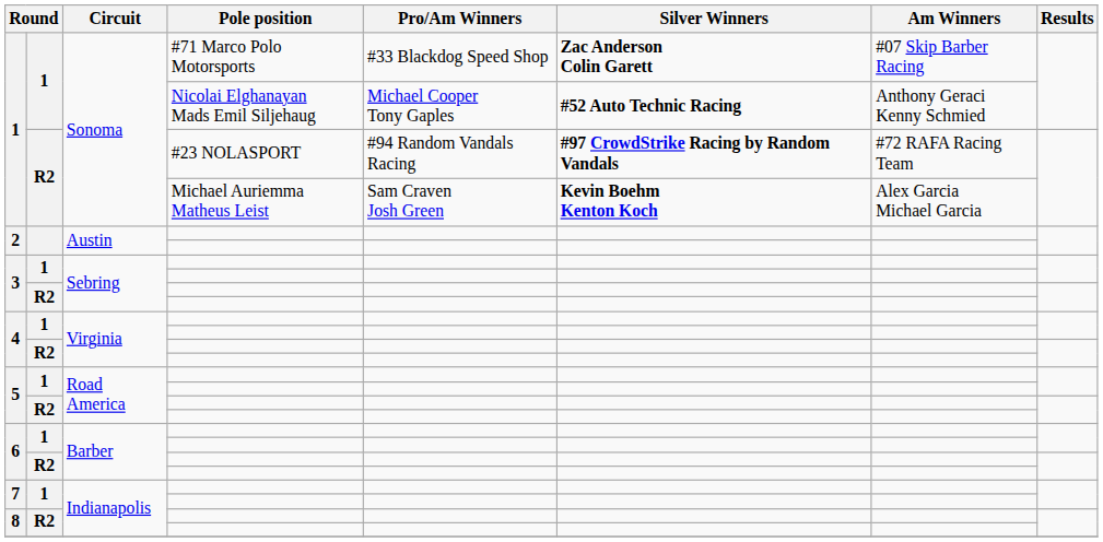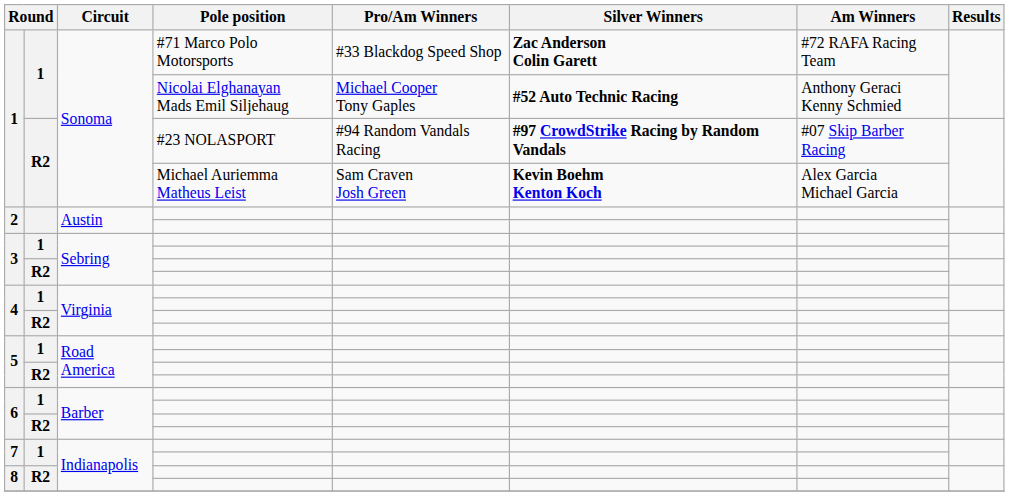 <table class="wikitable" style="font-size:85%;">
 <tr>
 <th colspan="2">Round</th>
 <th>Circuit</th>
 <th>Pole position</th>
 <th>Pro/Am Winners</th>
 <th>Silver Winners</th>
 <th>Am Winners</th>
 <th>Results</th>
 </tr>
 <tr>
 <th rowspan="4">1</th>
 <th rowspan="2">1</th>
 <td rowspan="4"> <a href='#'>Sonoma</a></td>
 <td> #71 Marco Polo Motorsports</td>
 <td> #33 Blackdog Speed Shop</td>
 <td><strong> Zac Anderson<br> Colin Garett</strong></td>
-<td> #07 <a href='#'>Skip Barber Racing</a></td>
+<td> #72 RAFA Racing Team</td>
 <td rowspan="2" align="center"></td>
 </tr>
 <tr>
 <td> <a href='#'>Nicolai Elghanayan</a><br> Mads Emil Siljehaug</td>
 <td> <a href='#'>Michael Cooper</a><br> Tony Gaples</td>
 <td><strong> #52 Auto Technic Racing</strong></td>
 <td> Anthony Geraci<br> Kenny Schmied</td>
 </tr>
 <tr>
 <th rowspan="2">R2</th>
 <td> #23 NOLASPORT</td>
 <td> #94 Random Vandals Racing</td>
 <td><strong> #97 <a href='#'>CrowdStrike</a> Racing by Random Vandals</strong></td>
-<td> #72 RAFA Racing Team</td>
+<td> #07 <a href='#'>Skip Barber Racing</a></td>
 <td rowspan="2" align="center"></td>
 </tr>
 <tr>
 <td> Michael Auriemma<br> <a href='#'>Matheus Leist</a></td>
 <td> Sam Craven<br> <a href='#'>Josh Green</a></td>
 <td><strong> Kevin Boehm<br> <a href='#'>Kenton Koch</a></strong></td>
 <td> Alex Garcia<br> Michael Garcia</td>
 </tr>
 <tr>
 <th rowspan="2">2</th>
 <th rowspan="2"></th>
 <td rowspan="2"> <a href='#'>Austin</a></td>
 <td></td>
 <td></td>
 <td></td>
 <td></td>
 <td rowspan="2" align="center"></td>
 </tr>
 <tr>
 <td></td>
 <td></td>
 <td></td>
 <td></td>
 </tr>
 <tr>
 <th rowspan="4">3</th>
 <th rowspan="2">1</th>
 <td rowspan="4"> <a href='#'>Sebring</a></td>
 <td></td>
 <td></td>
 <td></td>
 <td></td>
 <td rowspan="2" align="center"></td>
 </tr>
 <tr>
 <td></td>
 <td></td>
 <td></td>
 <td></td>
 </tr>
 <tr>
 <th rowspan="2">R2</th>
 <td></td>
 <td></td>
 <td></td>
 <td></td>
 <td rowspan="2" align="center"></td>
 </tr>
 <tr>
 <td></td>
 <td></td>
 <td></td>
 <td></td>
 </tr>
 <tr>
 <th rowspan="4">4</th>
 <th rowspan="2">1</th>
 <td rowspan="4"> <a href='#'>Virginia</a></td>
 <td></td>
 <td></td>
 <td></td>
 <td></td>
 <td rowspan="2" align="center"></td>
 </tr>
 <tr>
 <td></td>
 <td></td>
 <td></td>
 <td></td>
 </tr>
 <tr>
 <th rowspan="2">R2</th>
 <td></td>
 <td></td>
 <td></td>
 <td></td>
 <td rowspan="2" align="center"></td>
 </tr>
 <tr>
 <td></td>
 <td></td>
 <td></td>
 <td></td>
 </tr>
 <tr>
 <th rowspan="4">5</th>
 <th rowspan="2">1</th>
 <td rowspan="4"> <a href='#'>Road America</a></td>
 <td></td>
 <td></td>
 <td></td>
 <td></td>
 <td rowspan="2" align="center"></td>
 </tr>
 <tr>
 <td></td>
 <td></td>
 <td></td>
 <td></td>
 </tr>
 <tr>
 <th rowspan="2">R2</th>
 <td></td>
 <td></td>
 <td></td>
 <td></td>
 <td rowspan="2" align="center"></td>
 </tr>
 <tr>
 <td></td>
 <td></td>
 <td></td>
 <td></td>
 </tr>
 <tr>
 <th rowspan="4">6</th>
 <th rowspan="2">1</th>
 <td rowspan="4"> <a href='#'>Barber</a></td>
 <td></td>
 <td></td>
 <td></td>
 <td></td>
 <td rowspan="2" align="center"></td>
 </tr>
 <tr>
 <td></td>
 <td></td>
 <td></td>
 <td></td>
 </tr>
 <tr>
 <th rowspan="2">R2</th>
 <td></td>
 <td></td>
 <td></td>
 <td></td>
 <td rowspan="2" align="center"></td>
 </tr>
 <tr>
 <td></td>
 <td></td>
 <td></td>
 <td></td>
 </tr>
 <tr>
 <th rowspan="2">7</th>
 <th rowspan="2">1</th>
 <td rowspan="4"> <a href='#'>Indianapolis</a></td>
 <td></td>
 <td></td>
 <td></td>
 <td></td>
 <td rowspan="2" align="center"></td>
 </tr>
 <tr>
 <td></td>
 <td></td>
 <td></td>
 <td></td>
 </tr>
 <tr>
 <th rowspan="2">8</th>
 <th rowspan="2">R2</th>
 <td></td>
 <td></td>
 <td></td>
 <td></td>
 <td rowspan="2"></td>
 </tr>
 <tr>
 <td></td>
 <td></td>
 <td></td>
 <td></td>
 </tr>
 <tr>
 </tr>
 </table>
